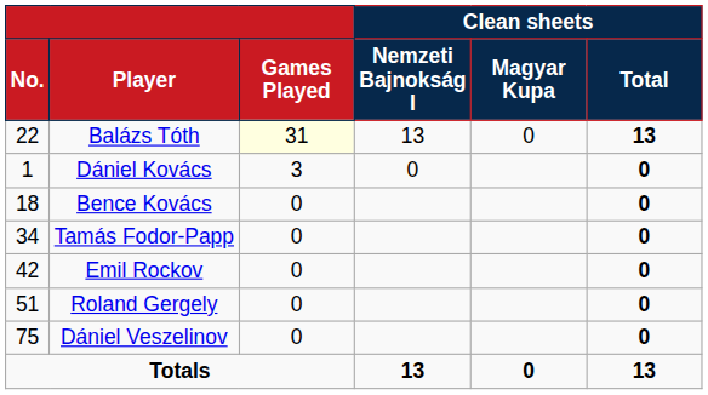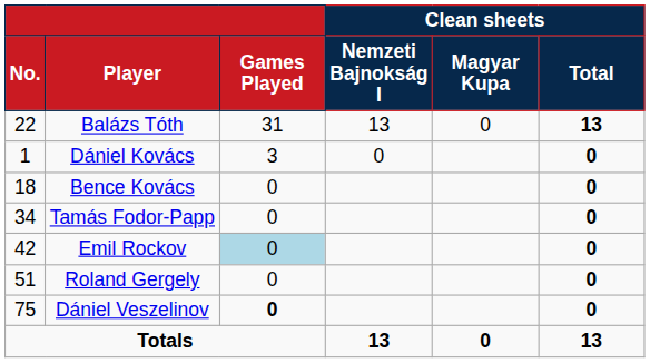 <table class="wikitable sortable alternance" style="text-align:center">
 <tr>
 <th colspan="3" style="background:#CA1A22;border:1px solid #06284B"></th>
 <th colspan="4" style="background:#06284B;color:white;border:1px solid #CA1A22">Clean sheets</th>
 </tr>
 <tr>
 <th style="background-color:#CA1A22;color:white;border:1px solid #06284B">No.</th>
 <th style="background-color:#CA1A22;color:white;border:1px solid #06284B">Player</th>
 <th width=80 style="background-color:#CA1A22;color:white;border:1px solid #06284B">Games Played</th>
 <th width=80 style="background-color:#06284B;color:white;border:1px solid #CA1A22">Nemzeti Bajnokság I</th>
 <th width=80 style="background-color:#06284B;color:white;border:1px solid #CA1A22">Magyar Kupa</th>
 <th width=80 style="background-color:#06284B;color:white;border:1px solid #CA1A22">Total</th>
 </tr>
 <tr>
 <td>22</td>
 <td> <a href='#'>Balázs Tóth</a></td>
-<td style="background: lightyellow;">31</td>
+<td>31</td>
 <td>13</td>
 <td>0</td>
 <td><strong>13</strong></td>
 </tr>
 <tr>
 <td>1</td>
 <td> <a href='#'>Dániel Kovács</a></td>
 <td>3</td>
 <td>0</td>
 <td></td>
 <td><strong>0</strong></td>
 </tr>
 <tr>
 <td>18</td>
 <td> <a href='#'>Bence Kovács</a></td>
 <td>0</td>
 <td></td>
 <td></td>
 <td><strong>0</strong></td>
 </tr>
 <tr>
 <td>34</td>
 <td> <a href='#'>Tamás Fodor-Papp</a></td>
 <td>0</td>
 <td></td>
 <td></td>
 <td><strong>0</strong></td>
 </tr>
 <tr>
 <td>42</td>
 <td> <a href='#'>Emil Rockov</a></td>
-<td>0</td>
+<td style="background: lightblue;">0</td>
 <td></td>
 <td></td>
 <td><strong>0</strong></td>
 </tr>
 <tr>
 <td>51</td>
 <td> <a href='#'>Roland Gergely</a></td>
 <td>0</td>
 <td></td>
 <td></td>
 <td><strong>0</strong></td>
 </tr>
 <tr>
 <td>75</td>
 <td> <a href='#'>Dániel Veszelinov</a></td>
-<td>0</td>
+<td><strong>0</strong></td>
 <td></td>
 <td></td>
 <td><strong>0</strong></td>
 </tr>
 <tr class="sortbottom">
 <td colspan="3"><strong>Totals</strong></td>
 <td><strong>13</strong></td>
 <td><strong>0</strong></td>
 <td><strong>13</strong></td>
 </tr>
 </table>
